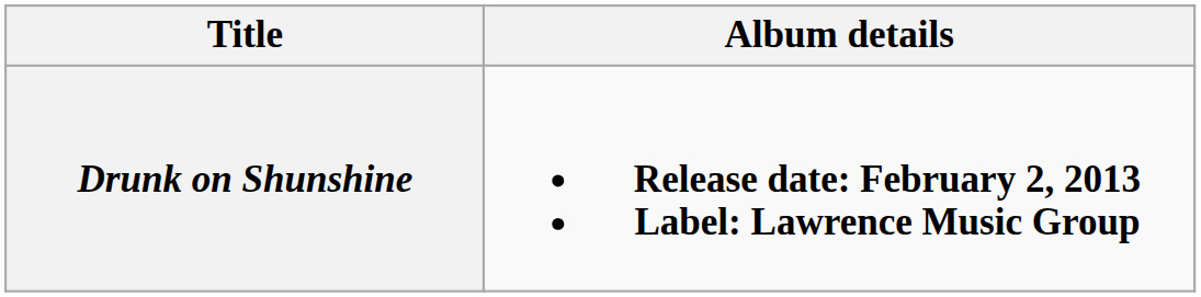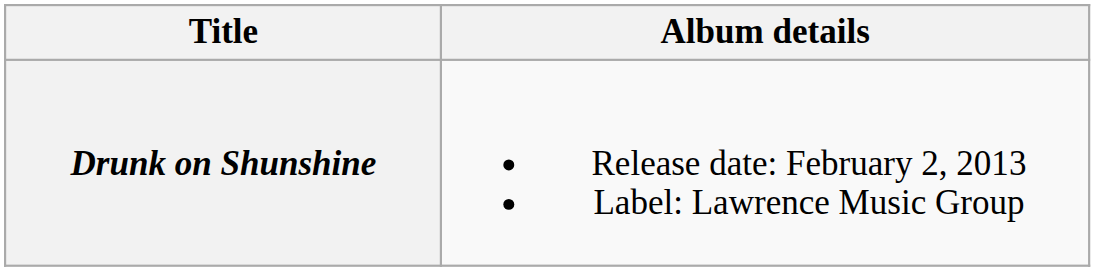 <table class="wikitable plainrowheaders" style="text-align:center;">
 <tr>
 <th style="width:12em;">Title</th>
 <th style="width:18em;">Album details</th>
 </tr>
 <tr>
 <th scope="row"><em>Drunk on Shunshine</em></th>
-<td><strong><br><ul><li>Release date: February 2, 2013</li><li>Label: Lawrence Music Group</li></ul></strong></td>
+<td><br><ul><li>Release date: February 2, 2013</li><li>Label: Lawrence Music Group</li></ul></td>
 </tr>
 </table>
